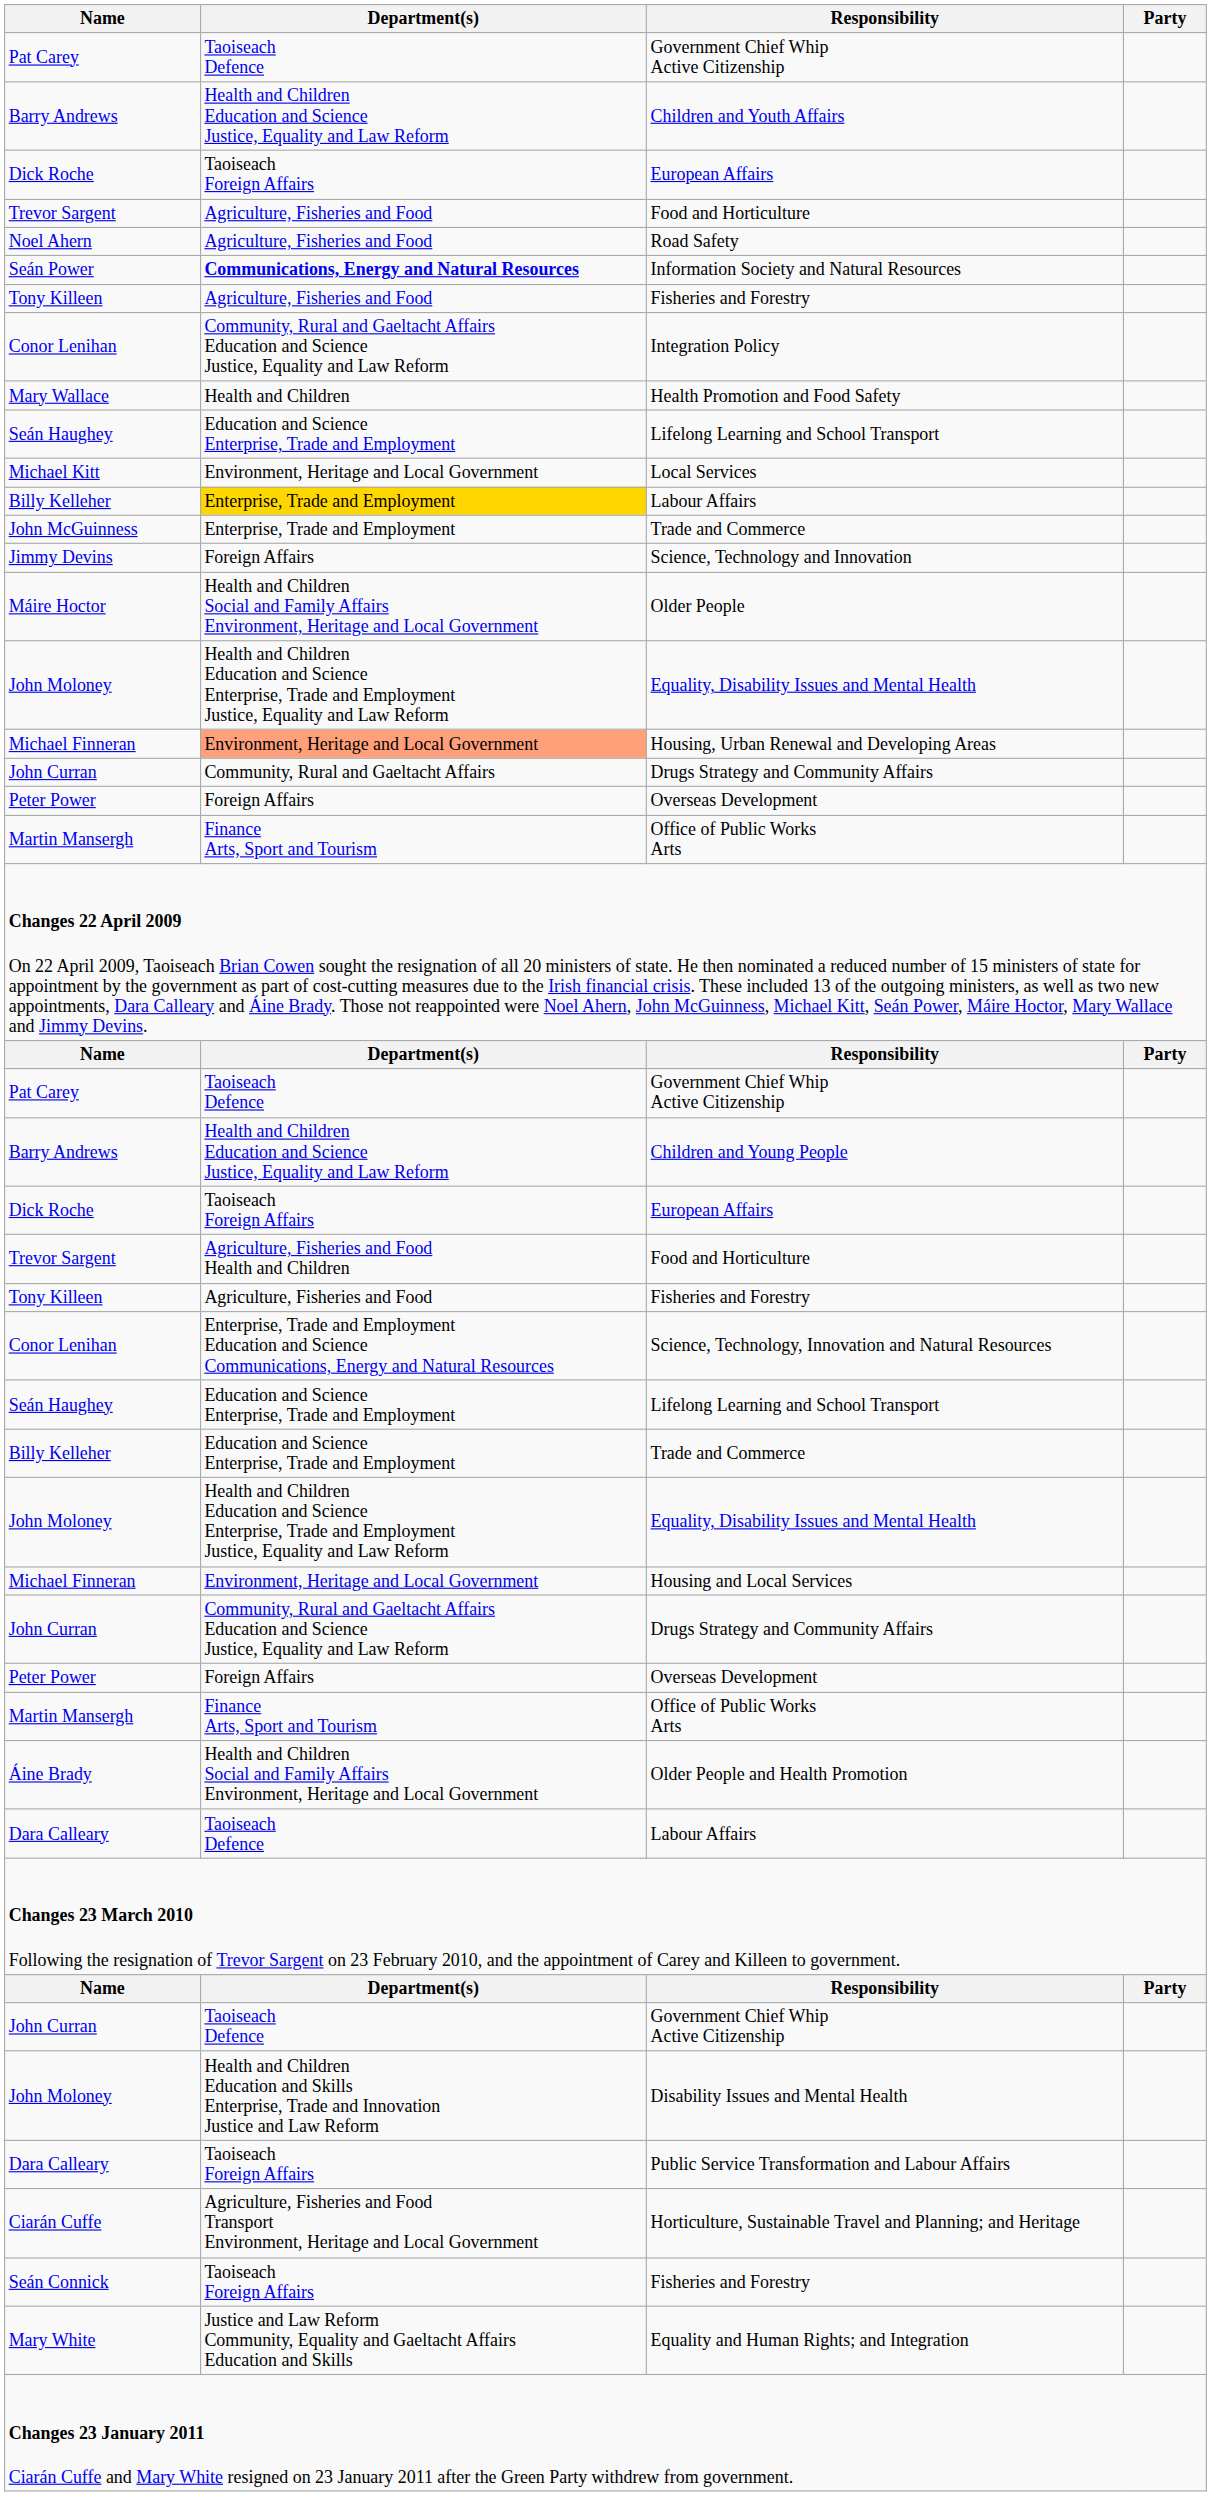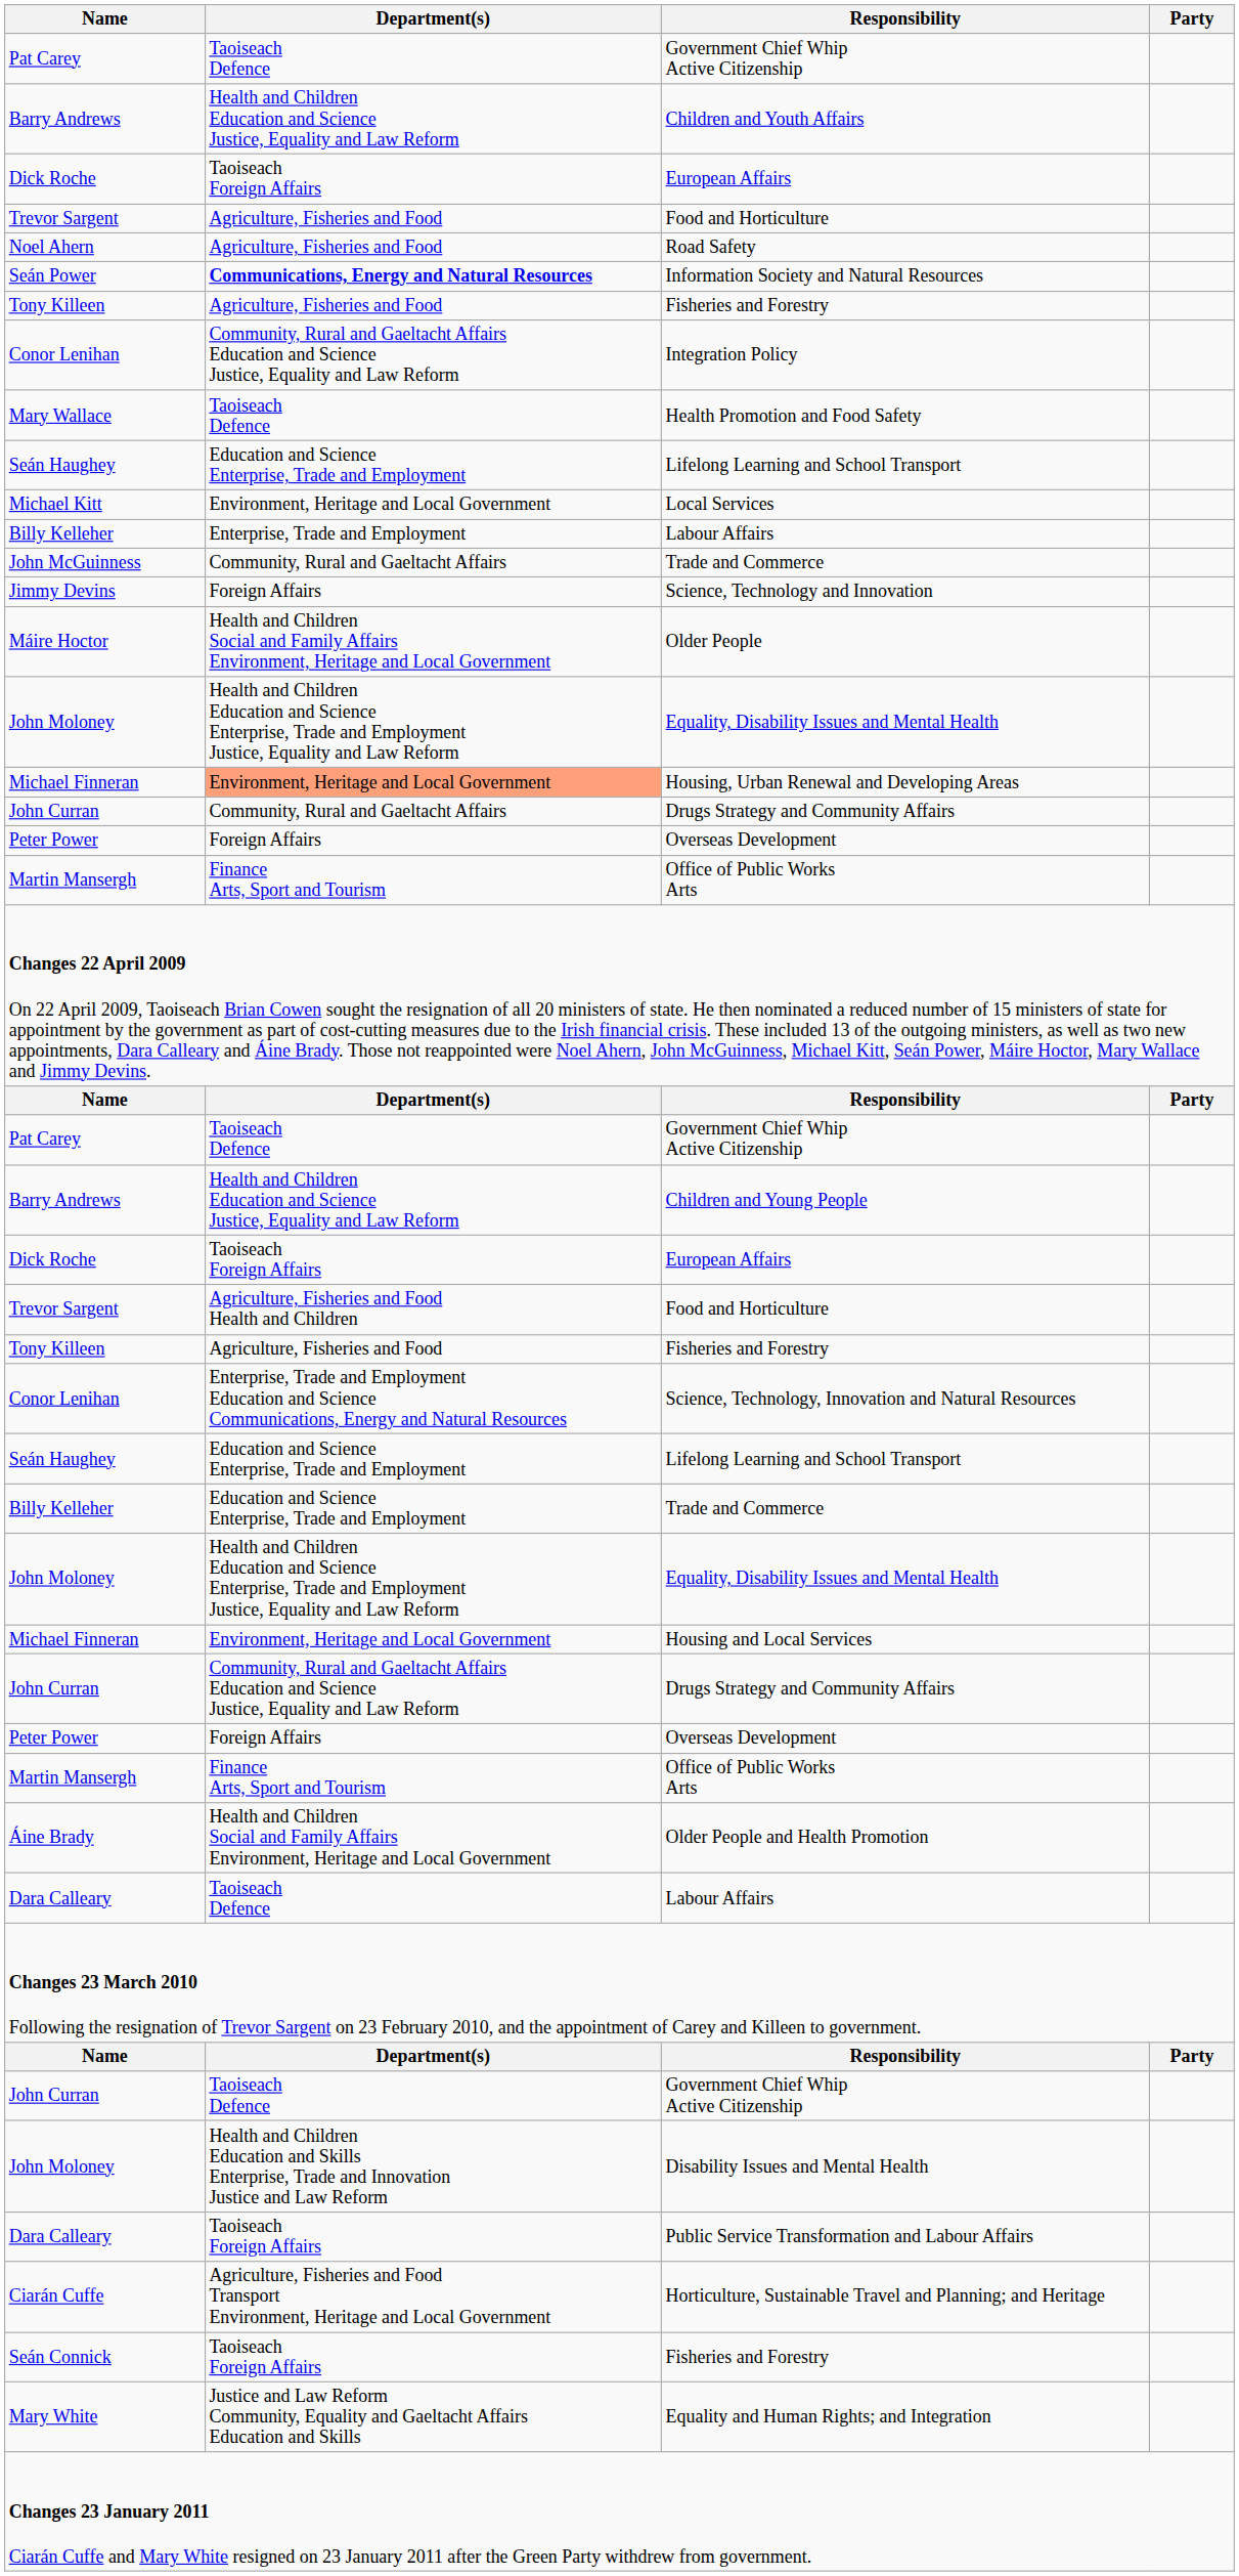 <table class="wikitable" width=85%>
 <tr>
 <th>Name</th>
 <th>Department(s)</th>
 <th>Responsibility</th>
 <th colspan=2>Party</th>
 </tr>
 <tr>
 <td><a href='#'>Pat Carey</a><br></td>
 <td><a href='#'>Taoiseach</a><br><a href='#'>Defence</a></td>
 <td>Government Chief Whip<br>Active Citizenship</td>
 <td></td>
 </tr>
 <tr>
 <td><a href='#'>Barry Andrews</a><br></td>
 <td><a href='#'>Health and Children</a><br><a href='#'>Education and Science</a><br><a href='#'>Justice, Equality and Law Reform</a></td>
 <td><a href='#'>Children and Youth Affairs</a></td>
 <td></td>
 </tr>
 <tr>
 <td><a href='#'>Dick Roche</a></td>
 <td>Taoiseach<br><a href='#'>Foreign Affairs</a></td>
 <td><a href='#'>European Affairs</a></td>
 <td></td>
 </tr>
 <tr>
 <td><a href='#'>Trevor Sargent</a></td>
 <td><a href='#'>Agriculture, Fisheries and Food</a></td>
 <td>Food and Horticulture</td>
 <td></td>
 </tr>
 <tr>
 <td><a href='#'>Noel Ahern</a></td>
 <td><a href='#'>Agriculture, Fisheries and Food</a></td>
 <td>Road Safety</td>
 <td></td>
 </tr>
 <tr>
 <td><a href='#'>Seán Power</a></td>
 <td><strong><a href='#'>Communications, Energy and Natural Resources</a></strong></td>
 <td>Information Society and Natural Resources</td>
 <td></td>
 </tr>
 <tr>
 <td><a href='#'>Tony Killeen</a></td>
 <td><a href='#'>Agriculture, Fisheries and Food</a></td>
 <td>Fisheries and Forestry</td>
 <td></td>
 </tr>
 <tr>
 <td><a href='#'>Conor Lenihan</a></td>
 <td><a href='#'>Community, Rural and Gaeltacht Affairs</a><br>Education and Science<br>Justice, Equality and Law Reform</td>
 <td>Integration Policy</td>
 <td></td>
 </tr>
 <tr>
 <td><a href='#'>Mary Wallace</a></td>
-<td>Health and Children</td>
+<td><a href='#'>Taoiseach</a><br><a href='#'>Defence</a></td>
 <td>Health Promotion and Food Safety</td>
 <td></td>
 </tr>
 <tr>
 <td><a href='#'>Seán Haughey</a></td>
 <td>Education and Science<br><a href='#'>Enterprise, Trade and Employment</a></td>
 <td>Lifelong Learning and School Transport</td>
 <td></td>
 </tr>
 <tr>
 <td><a href='#'>Michael Kitt</a></td>
 <td>Environment, Heritage and Local Government</td>
 <td>Local Services</td>
 <td></td>
 </tr>
 <tr>
 <td><a href='#'>Billy Kelleher</a></td>
-<td style="background: gold;">Enterprise, Trade and Employment</td>
+<td>Enterprise, Trade and Employment</td>
 <td>Labour Affairs</td>
 <td></td>
 </tr>
 <tr>
 <td><a href='#'>John McGuinness</a></td>
-<td>Enterprise, Trade and Employment</td>
+<td>Community, Rural and Gaeltacht Affairs</td>
 <td>Trade and Commerce</td>
 <td></td>
 </tr>
 <tr>
 <td><a href='#'>Jimmy Devins</a></td>
 <td>Foreign Affairs</td>
 <td>Science, Technology and Innovation</td>
 <td></td>
 </tr>
 <tr>
 <td><a href='#'>Máire Hoctor</a></td>
 <td>Health and Children<br><a href='#'>Social and Family Affairs</a><br><a href='#'>Environment, Heritage and Local Government</a></td>
 <td>Older People</td>
 <td></td>
 </tr>
 <tr>
 <td><a href='#'>John Moloney</a></td>
 <td>Health and Children<br>Education and Science<br>Enterprise, Trade and Employment<br>Justice, Equality and Law Reform</td>
 <td><a href='#'>Equality, Disability Issues and Mental Health</a></td>
 <td></td>
 </tr>
 <tr>
 <td><a href='#'>Michael Finneran</a></td>
 <td style="background: lightsalmon;">Environment, Heritage and Local Government</td>
 <td>Housing, Urban Renewal and Developing Areas</td>
 <td></td>
 </tr>
 <tr>
 <td><a href='#'>John Curran</a></td>
 <td>Community, Rural and Gaeltacht Affairs</td>
 <td>Drugs Strategy and Community Affairs</td>
 <td></td>
 </tr>
 <tr>
 <td><a href='#'>Peter Power</a></td>
 <td>Foreign Affairs</td>
 <td>Overseas Development</td>
 <td></td>
 </tr>
 <tr>
 <td><a href='#'>Martin Mansergh</a></td>
 <td><a href='#'>Finance</a><br><a href='#'>Arts, Sport and Tourism</a></td>
 <td>Office of Public Works<br>Arts</td>
 <td></td>
 </tr>
 <tr>
 <td colspan=5><br><h4>Changes 22 April 2009</h4>On 22 April 2009, Taoiseach <a href='#'>Brian Cowen</a> sought the resignation of all 20 ministers of state. He then nominated a reduced number of 15 ministers of state for appointment by the government as part of cost-cutting measures due to the <a href='#'>Irish financial crisis</a>. These included 13 of the outgoing ministers, as well as two new appointments, <a href='#'>Dara Calleary</a> and <a href='#'>Áine Brady</a>. Those not reappointed were <a href='#'>Noel Ahern</a>, <a href='#'>John McGuinness</a>, <a href='#'>Michael Kitt</a>, <a href='#'>Seán Power</a>, <a href='#'>Máire Hoctor</a>, <a href='#'>Mary Wallace</a> and <a href='#'>Jimmy Devins</a>.</td>
 </tr>
 <tr>
 <th>Name</th>
 <th>Department(s)</th>
 <th>Responsibility</th>
 <th colspan=2>Party</th>
 </tr>
 <tr>
 <td><a href='#'>Pat Carey</a><br></td>
 <td><a href='#'>Taoiseach</a><br><a href='#'>Defence</a></td>
 <td>Government Chief Whip<br>Active Citizenship</td>
 <td></td>
 </tr>
 <tr>
 <td><a href='#'>Barry Andrews</a><br></td>
 <td><a href='#'>Health and Children</a><br><a href='#'>Education and Science</a><br><a href='#'>Justice, Equality and Law Reform</a></td>
 <td><a href='#'>Children and Young People</a></td>
 <td></td>
 </tr>
 <tr>
 <td><a href='#'>Dick Roche</a></td>
 <td>Taoiseach<br><a href='#'>Foreign Affairs</a></td>
 <td><a href='#'>European Affairs</a></td>
 <td></td>
 </tr>
 <tr>
 <td><a href='#'>Trevor Sargent</a></td>
 <td><a href='#'>Agriculture, Fisheries and Food</a><br>Health and Children</td>
 <td>Food and Horticulture</td>
 <td></td>
 </tr>
 <tr>
 <td><a href='#'>Tony Killeen</a></td>
 <td>Agriculture, Fisheries and Food</td>
 <td>Fisheries and Forestry</td>
 <td></td>
 </tr>
 <tr>
 <td><a href='#'>Conor Lenihan</a></td>
 <td>Enterprise, Trade and Employment<br>Education and Science<br><a href='#'>Communications, Energy and Natural Resources</a></td>
 <td>Science, Technology, Innovation and Natural Resources</td>
 <td></td>
 </tr>
 <tr>
 <td><a href='#'>Seán Haughey</a></td>
 <td>Education and Science<br>Enterprise, Trade and Employment</td>
 <td>Lifelong Learning and School Transport</td>
 <td></td>
 </tr>
 <tr>
 <td><a href='#'>Billy Kelleher</a></td>
 <td>Education and Science<br>Enterprise, Trade and Employment</td>
 <td>Trade and Commerce</td>
 <td></td>
 </tr>
 <tr>
 <td><a href='#'>John Moloney</a></td>
 <td>Health and Children<br>Education and Science<br>Enterprise, Trade and Employment<br>Justice, Equality and Law Reform</td>
 <td><a href='#'>Equality, Disability Issues and Mental Health</a></td>
 <td></td>
 </tr>
 <tr>
 <td><a href='#'>Michael Finneran</a></td>
 <td><a href='#'>Environment, Heritage and Local Government</a></td>
 <td>Housing and Local Services</td>
 <td></td>
 </tr>
 <tr>
 <td><a href='#'>John Curran</a></td>
 <td><a href='#'>Community, Rural and Gaeltacht Affairs</a><br>Education and Science<br>Justice, Equality and Law Reform</td>
 <td>Drugs Strategy and Community Affairs</td>
 <td></td>
 </tr>
 <tr>
 <td><a href='#'>Peter Power</a></td>
 <td>Foreign Affairs</td>
 <td>Overseas Development</td>
 <td></td>
 </tr>
 <tr>
 <td><a href='#'>Martin Mansergh</a></td>
 <td><a href='#'>Finance</a><br><a href='#'>Arts, Sport and Tourism</a></td>
 <td>Office of Public Works<br>Arts</td>
 <td></td>
 </tr>
 <tr>
 <td><a href='#'>Áine Brady</a></td>
 <td>Health and Children<br><a href='#'>Social and Family Affairs</a><br>Environment, Heritage and Local Government</td>
 <td>Older People and Health Promotion</td>
 <td></td>
 </tr>
 <tr>
 <td><a href='#'>Dara Calleary</a></td>
 <td><a href='#'>Taoiseach</a><br><a href='#'>Defence</a></td>
 <td>Labour Affairs</td>
 <td></td>
 </tr>
 <tr>
 <td colspan=5><br><h4>Changes 23 March 2010</h4>Following the resignation of <a href='#'>Trevor Sargent</a> on 23 February 2010, and the appointment of Carey and Killeen to government.</td>
 </tr>
 <tr>
 <th>Name</th>
 <th>Department(s)</th>
 <th>Responsibility</th>
 <th colspan=2>Party</th>
 </tr>
 <tr>
 <td><a href='#'>John Curran</a><br></td>
 <td><a href='#'>Taoiseach</a><br><a href='#'>Defence</a></td>
 <td>Government Chief Whip<br>Active Citizenship</td>
 <td></td>
 </tr>
 <tr>
 <td><a href='#'>John Moloney</a></td>
 <td>Health and Children<br>Education and Skills<br>Enterprise, Trade and Innovation<br>Justice and Law Reform</td>
 <td>Disability Issues and Mental Health</td>
 <td></td>
 </tr>
 <tr>
 <td><a href='#'>Dara Calleary</a></td>
 <td>Taoiseach<br><a href='#'>Foreign Affairs</a></td>
 <td>Public Service Transformation and Labour Affairs</td>
 <td></td>
 </tr>
 <tr>
 <td><a href='#'>Ciarán Cuffe</a></td>
 <td>Agriculture, Fisheries and Food<br>Transport<br>Environment, Heritage and Local Government</td>
 <td>Horticulture, Sustainable Travel and Planning; and Heritage</td>
 <td></td>
 </tr>
 <tr>
 <td><a href='#'>Seán Connick</a></td>
 <td>Taoiseach<br><a href='#'>Foreign Affairs</a></td>
 <td>Fisheries and Forestry</td>
 <td></td>
 </tr>
 <tr>
 <td><a href='#'>Mary White</a></td>
 <td>Justice and Law Reform<br>Community, Equality and Gaeltacht Affairs<br>Education and Skills</td>
 <td>Equality and Human Rights; and Integration</td>
 <td></td>
 </tr>
 <tr>
 <td colspan=5><br><h4>Changes 23 January 2011</h4><a href='#'>Ciarán Cuffe</a> and <a href='#'>Mary White</a> resigned on 23 January 2011 after the Green Party withdrew from government.</td>
 </tr>
 </table>
